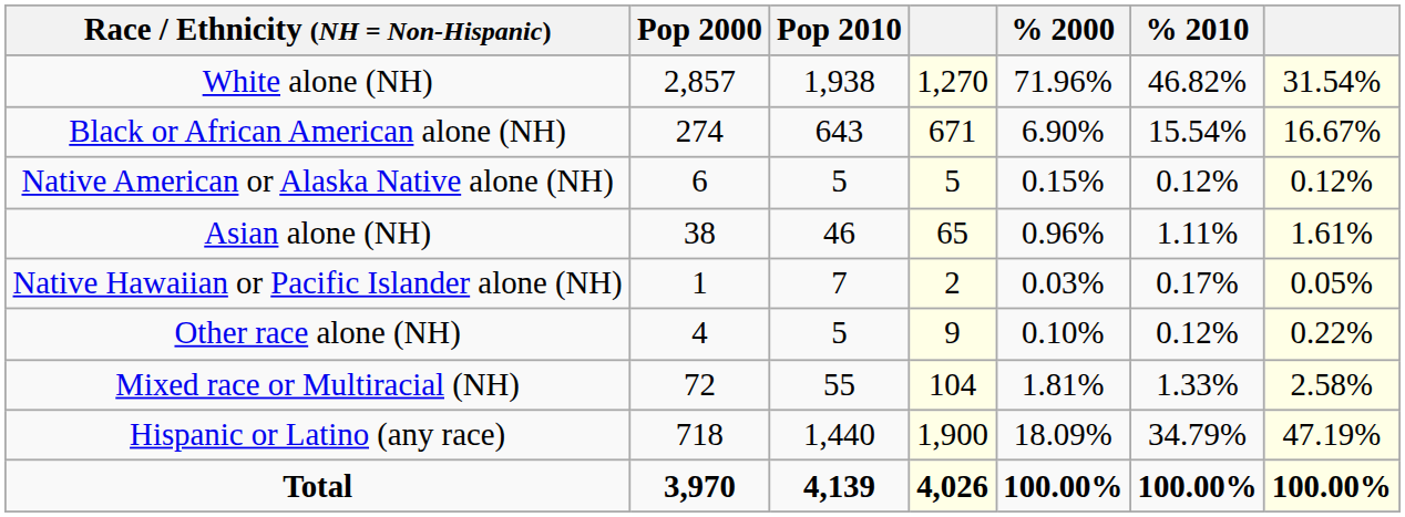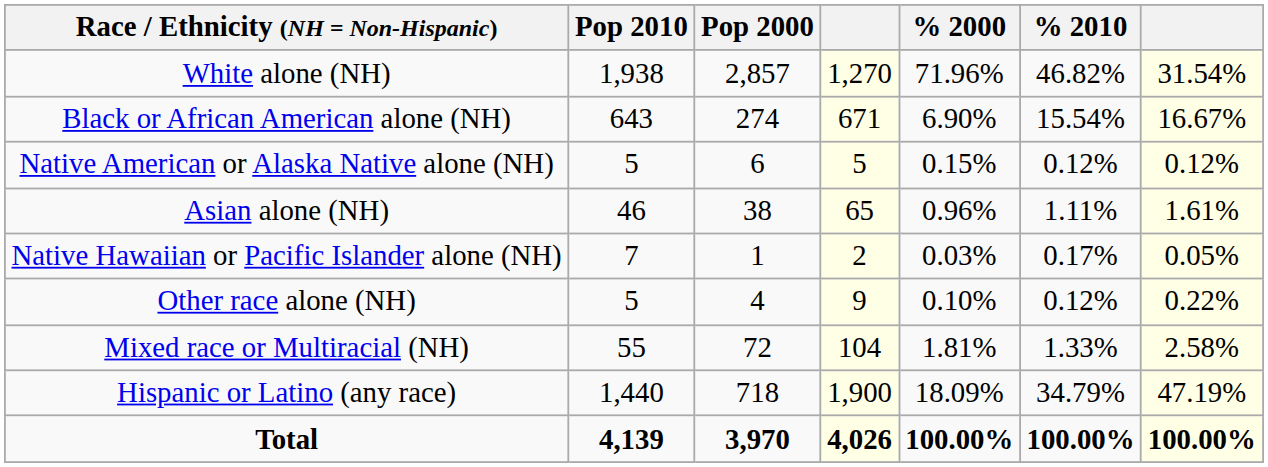 <table class="wikitable" style="text-align:center;">
 <tr>
 <th>Race / Ethnicity <small>(<em>NH = Non-Hispanic</em>)</small></th>
+<th>Pop 2010</th>
 <th>Pop 2000</th>
-<th>Pop 2010</th>
 <th></th>
 <th>% 2000</th>
 <th>% 2010</th>
 <th></th>
 </tr>
 <tr>
 <td><a href='#'>White</a> alone (NH)</td>
+<td>1,938</td>
 <td>2,857</td>
-<td>1,938</td>
 <td style='background: #ffffe6;'>1,270</td>
 <td>71.96%</td>
 <td>46.82%</td>
 <td style='background: #ffffe6;'>31.54%</td>
 </tr>
 <tr>
 <td><a href='#'>Black or African American</a> alone (NH)</td>
+<td>643</td>
 <td>274</td>
-<td>643</td>
 <td style='background: #ffffe6;'>671</td>
 <td>6.90%</td>
 <td>15.54%</td>
 <td style='background: #ffffe6;'>16.67%</td>
 </tr>
 <tr>
 <td><a href='#'>Native American</a> or <a href='#'>Alaska Native</a> alone (NH)</td>
+<td>5</td>
 <td>6</td>
-<td>5</td>
 <td style='background: #ffffe6;'>5</td>
 <td>0.15%</td>
 <td>0.12%</td>
 <td style='background: #ffffe6;'>0.12%</td>
 </tr>
 <tr>
 <td><a href='#'>Asian</a> alone (NH)</td>
+<td>46</td>
 <td>38</td>
-<td>46</td>
 <td style='background: #ffffe6;'>65</td>
 <td>0.96%</td>
 <td>1.11%</td>
 <td style='background: #ffffe6;'>1.61%</td>
 </tr>
 <tr>
 <td><a href='#'>Native Hawaiian</a> or <a href='#'>Pacific Islander</a> alone (NH)</td>
+<td>7</td>
 <td>1</td>
-<td>7</td>
 <td style='background: #ffffe6;'>2</td>
 <td>0.03%</td>
 <td>0.17%</td>
 <td style='background: #ffffe6;'>0.05%</td>
 </tr>
 <tr>
 <td><a href='#'>Other race</a> alone (NH)</td>
+<td>5</td>
 <td>4</td>
-<td>5</td>
 <td style='background: #ffffe6;'>9</td>
 <td>0.10%</td>
 <td>0.12%</td>
 <td style='background: #ffffe6;'>0.22%</td>
 </tr>
 <tr>
 <td><a href='#'>Mixed race or Multiracial</a> (NH)</td>
+<td>55</td>
 <td>72</td>
-<td>55</td>
 <td style='background: #ffffe6;'>104</td>
 <td>1.81%</td>
 <td>1.33%</td>
 <td style='background: #ffffe6;'>2.58%</td>
 </tr>
 <tr>
 <td><a href='#'>Hispanic or Latino</a> (any race)</td>
+<td>1,440</td>
 <td>718</td>
-<td>1,440</td>
 <td style='background: #ffffe6;'>1,900</td>
 <td>18.09%</td>
 <td>34.79%</td>
 <td style='background: #ffffe6;'>47.19%</td>
 </tr>
 <tr>
 <td><strong>Total</strong></td>
+<td><strong>4,139</strong></td>
 <td><strong>3,970</strong></td>
-<td><strong>4,139</strong></td>
 <td style='background: #ffffe6;'><strong>4,026</strong></td>
 <td><strong>100.00%</strong></td>
 <td><strong>100.00%</strong></td>
 <td style='background: #ffffe6;'><strong>100.00%</strong></td>
 </tr>
 </table>
